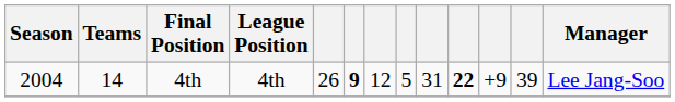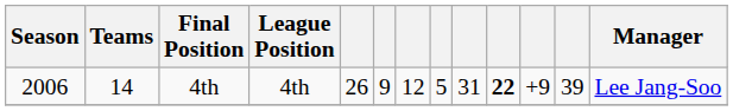 <table class="wikitable" style="text-align:center">
 <tr>
 <th>Season</th>
 <th>Teams</th>
 <th>Final<br>Position</th>
 <th>League<br>Position</th>
 <th></th>
 <th></th>
 <th></th>
 <th></th>
 <th></th>
 <th></th>
 <th></th>
 <th></th>
 <th>Manager</th>
 </tr>
 <tr>
-<td>2004</td>
+<td>2006</td>
 <td>14</td>
 <td>4th</td>
 <td>4th</td>
 <td>26</td>
-<td><strong>9</strong></td>
+<td>9</td>
 <td>12</td>
 <td>5</td>
 <td>31</td>
 <td><strong>22</strong></td>
 <td align=right>+9</td>
 <td>39</td>
 <td align=left> <a href='#'>Lee Jang-Soo</a></td>
 </tr>
 <tr>
 </tr>
 </table>
